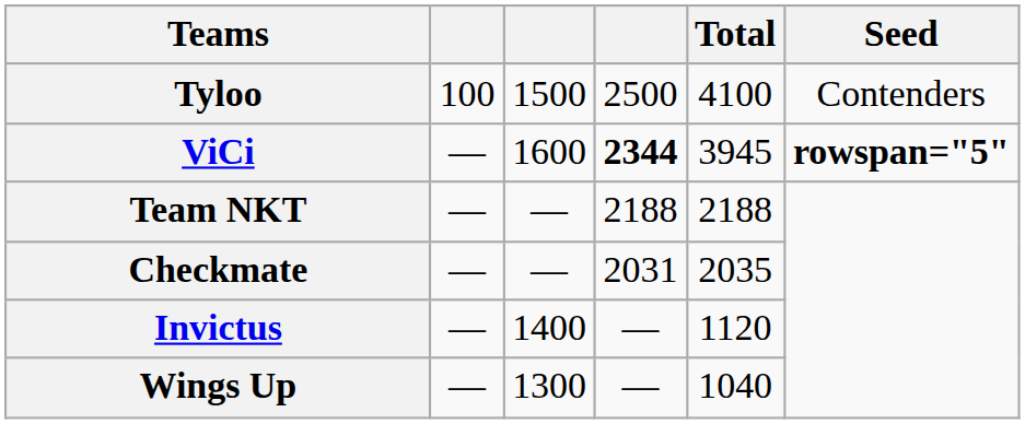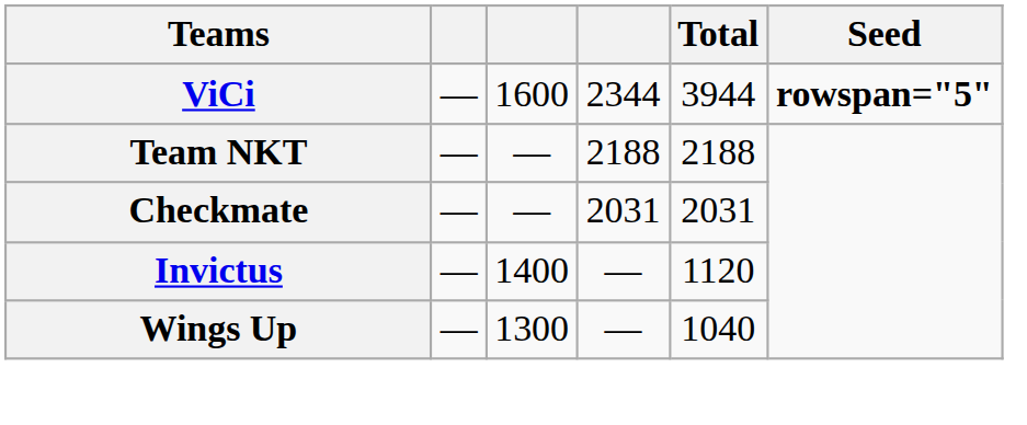 <table class="wikitable plainrowheaders" style="text-align:center;">
 <tr>
 <th scope="col" style="width:11em;">Teams</th>
 <th scope="col"></th>
 <th scope="col"></th>
 <th scope="col"></th>
 <th scope="col">Total</th>
 <th scope="col">Seed</th>
 </tr>
 <tr>
-<th scope="row">Tyloo</th>
-<td>100</td>
-<td>1500</td>
-<td>2500</td>
-<td>4100</td>
-<td>Contenders</td>
-</tr>
-<tr>
 <th scope="row"><a href='#'>ViCi</a></th>
 <td>—</td>
 <td>1600</td>
-<td><strong>2344</strong></td>
-<td>3945</td>
+<td>2344</td>
+<td>3944</td>
 <td><strong>rowspan="5" </strong></td>
 </tr>
 <tr>
 <th scope="row">Team NKT</th>
 <td>—</td>
 <td>—</td>
 <td>2188</td>
 <td>2188</td>
 </tr>
 <tr>
 <th scope="row">Checkmate</th>
 <td>—</td>
 <td>—</td>
 <td>2031</td>
-<td>2035</td>
+<td>2031</td>
 </tr>
 <tr>
 <th scope="row"><a href='#'>Invictus</a></th>
 <td>—</td>
 <td>1400</td>
 <td>—</td>
 <td>1120</td>
 </tr>
 <tr>
 <th scope="row">Wings Up</th>
 <td>—</td>
 <td>1300</td>
 <td>—</td>
 <td>1040</td>
 </tr>
 </table>
